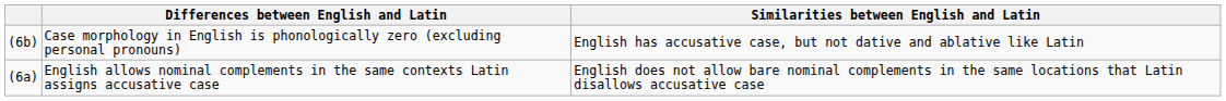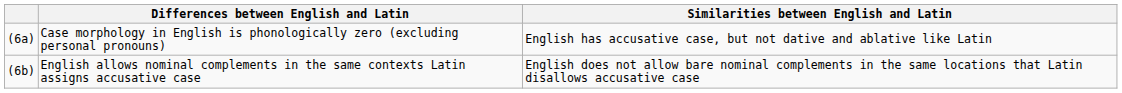 <table class="wikitable">
 <tr>
 <th></th>
 <th>Differences between English and Latin</th>
 <th>Similarities between English and Latin</th>
 </tr>
 <tr>
-<td>(6b)</td>
+<td>(6a)</td>
 <td>Case morphology in English is phonologically zero (excluding personal pronouns)</td>
 <td>English has accusative case, but not dative and ablative like Latin</td>
 </tr>
 <tr>
-<td>(6a)</td>
+<td>(6b)</td>
 <td>English allows nominal complements in the same contexts Latin assigns accusative case</td>
 <td>English does not allow bare nominal complements in the same locations that Latin disallows accusative case</td>
 </tr>
 </table>
